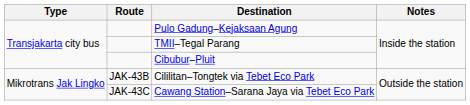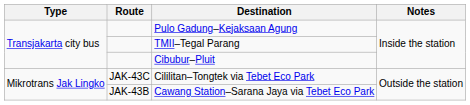 <table class="wikitable">
 <tr>
 <th>Type</th>
 <th>Route</th>
 <th>Destination</th>
 <th>Notes</th>
 </tr>
 <tr>
 <td rowspan="3"><a href='#'>Transjakarta</a> city bus</td>
 <td></td>
 <td><a href='#'>Pulo Gadung</a>–<a href='#'>Kejaksaan Agung</a></td>
 <td rowspan="3">Inside the station</td>
 </tr>
 <tr>
 <td></td>
 <td><a href='#'>TMII</a>–Tegal Parang</td>
 </tr>
 <tr>
 <td></td>
 <td><a href='#'>Cibubur</a>–<a href='#'>Pluit</a></td>
 </tr>
 <tr>
 <td rowspan="2">Mikrotrans <a href='#'>Jak Lingko</a></td>
-<td>JAK-43B</td>
+<td>JAK-43C</td>
 <td>Cililitan–Tongtek via <a href='#'>Tebet Eco Park</a></td>
 <td rowspan="2">Outside the station</td>
 </tr>
 <tr>
-<td>JAK-43C</td>
+<td>JAK-43B</td>
 <td><a href='#'>Cawang Station</a>–Sarana Jaya via <a href='#'>Tebet Eco Park</a></td>
 </tr>
 </table>
